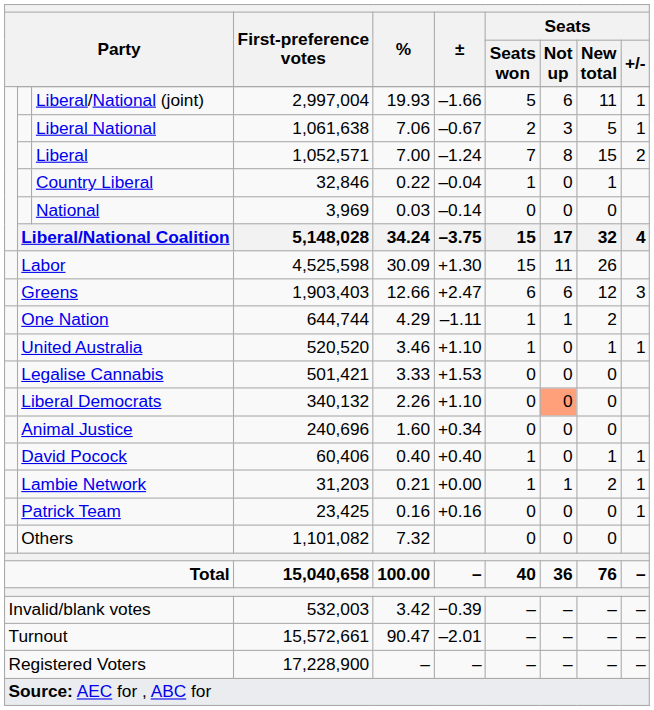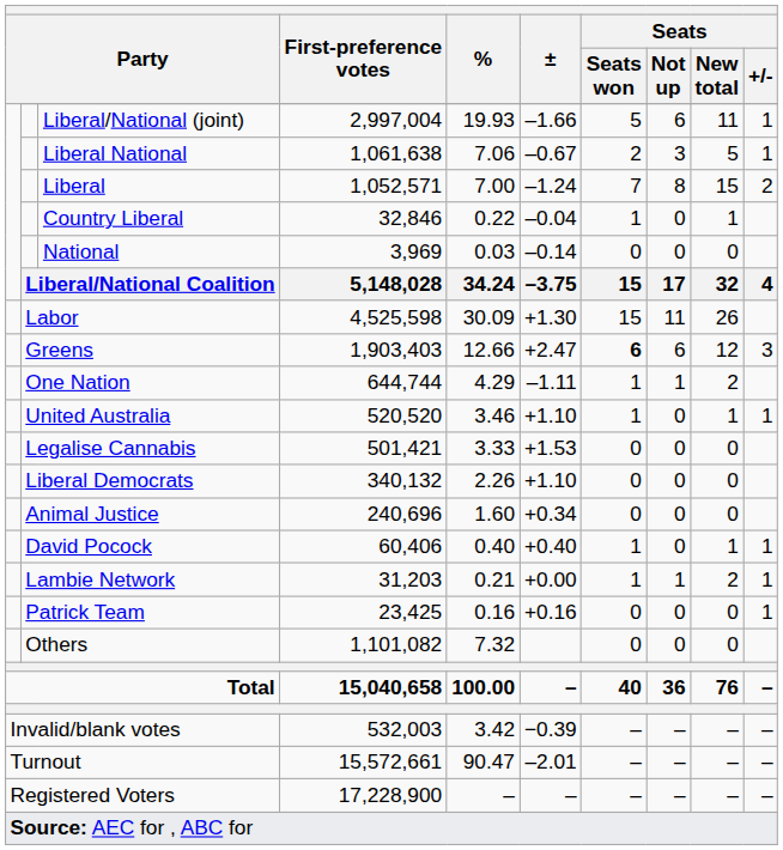 <table class="wikitable sortable mw-datatable" style="text-align:right; margin-bottom:0">
 <tr>
 <th colspan="10"></th>
 </tr>
 <tr>
 <th colspan="3" rowspan="2">Party</th>
 <th rowspan="2">First-preference<br>votes</th>
 <th rowspan="2">%</th>
 <th rowspan="2">±</th>
 <th colspan="4">Seats</th>
 </tr>
 <tr>
 <th>Seats<br>won</th>
 <th>Not<br>up</th>
 <th>New<br>total</th>
 <th>+/-</th>
 </tr>
 <tr>
 <td rowspan="7"> </td>
 </tr>
 <tr>
 <td> </td>
 <td align="left"><a href='#'>Liberal</a>/<a href='#'>National</a> (joint)</td>
 <td>2,997,004</td>
 <td>19.93</td>
 <td>–1.66</td>
 <td>5</td>
 <td>6</td>
 <td>11</td>
 <td> 1</td>
 </tr>
 <tr>
 <td> </td>
 <td align="left"><a href='#'>Liberal National</a> </td>
 <td>1,061,638</td>
 <td>7.06</td>
 <td>–0.67</td>
 <td>2</td>
 <td>3</td>
 <td>5</td>
 <td> 1</td>
 </tr>
 <tr>
 <td> </td>
 <td align="left"><a href='#'>Liberal</a></td>
 <td>1,052,571</td>
 <td>7.00</td>
 <td>–1.24</td>
 <td>7</td>
 <td>8</td>
 <td>15</td>
 <td> 2</td>
 </tr>
 <tr>
 <td> </td>
 <td align="left"><a href='#'>Country Liberal</a> </td>
 <td>32,846</td>
 <td>0.22</td>
 <td>–0.04</td>
 <td>1</td>
 <td>0</td>
 <td>1</td>
 <td></td>
 </tr>
 <tr>
 <td> </td>
 <td align="left"><a href='#'>National</a></td>
 <td>3,969</td>
 <td>0.03</td>
 <td>–0.14</td>
 <td>0</td>
 <td>0</td>
 <td>0</td>
 <td></td>
 </tr>
 <tr>
 <th colspan="2" style="text-align:left;"><a href='#'>Liberal/National Coalition</a></th>
 <th style="text-align:right;">5,148,028</th>
 <th style="text-align:right;">34.24</th>
 <th style="text-align:right;">–3.75</th>
 <th style="text-align:right;">15</th>
 <th style="text-align:right;">17</th>
 <th style="text-align:right;">32</th>
 <th style="text-align:right;"> 4</th>
 </tr>
 <tr>
 <td> </td>
 <td colspan="2" style="text-align:left;"><a href='#'>Labor</a></td>
 <td>4,525,598</td>
 <td>30.09</td>
 <td>+1.30</td>
 <td>15</td>
 <td>11</td>
 <td>26</td>
 <td></td>
 </tr>
 <tr>
 <td> </td>
 <td colspan="2" style="text-align:left;"><a href='#'>Greens</a></td>
 <td>1,903,403</td>
 <td>12.66</td>
 <td>+2.47</td>
-<td>6</td>
+<td><strong>6</strong></td>
 <td>6</td>
 <td>12</td>
 <td> 3</td>
 </tr>
 <tr>
 <td> </td>
 <td colspan="2" style="text-align:left;"><a href='#'>One Nation</a></td>
 <td>644,744</td>
 <td>4.29</td>
 <td>–1.11</td>
 <td>1</td>
 <td>1</td>
 <td>2</td>
 <td></td>
 </tr>
 <tr>
 <td> </td>
 <td colspan="2" style="text-align:left;"><a href='#'>United Australia</a></td>
 <td>520,520</td>
 <td>3.46</td>
 <td>+1.10</td>
 <td>1</td>
 <td>0</td>
 <td>1</td>
 <td> 1</td>
 </tr>
 <tr>
 <td> </td>
 <td colspan="2" style="text-align:left;"><a href='#'>Legalise Cannabis</a></td>
 <td>501,421</td>
 <td>3.33</td>
 <td>+1.53</td>
 <td>0</td>
 <td>0</td>
 <td>0</td>
 <td></td>
 </tr>
 <tr>
 <td> </td>
 <td colspan="2" style="text-align:left;"><a href='#'>Liberal Democrats</a></td>
 <td>340,132</td>
 <td>2.26</td>
 <td>+1.10</td>
 <td>0</td>
-<td style="background: lightsalmon;">0</td>
+<td>0</td>
 <td>0</td>
 <td><br></td>
 </tr>
 <tr>
 <td> </td>
 <td colspan="2" style="text-align:left;"><a href='#'>Animal Justice</a></td>
 <td>240,696</td>
 <td>1.60</td>
 <td>+0.34</td>
 <td>0</td>
 <td>0</td>
 <td>0</td>
 <td></td>
 </tr>
 <tr>
 <td> </td>
 <td colspan="2" style="text-align:left;"><a href='#'>David Pocock</a></td>
 <td>60,406</td>
 <td>0.40</td>
 <td>+0.40</td>
 <td>1</td>
 <td>0</td>
 <td>1</td>
 <td> 1<br></td>
 </tr>
 <tr>
 <td> </td>
 <td colspan="2" style="text-align:left;"><a href='#'>Lambie Network</a></td>
 <td>31,203</td>
 <td>0.21</td>
 <td>+0.00</td>
 <td>1</td>
 <td>1</td>
 <td>2</td>
 <td> 1<br></td>
 </tr>
 <tr>
 <td> </td>
 <td colspan="2" style="text-align:left;"><a href='#'>Patrick Team</a></td>
 <td>23,425</td>
 <td>0.16</td>
 <td>+0.16</td>
 <td>0</td>
 <td>0</td>
 <td>0</td>
 <td> 1<br></td>
 </tr>
 <tr>
 <td> </td>
 <td colspan="2" style="text-align:left;">Others</td>
 <td>1,101,082</td>
 <td>7.32</td>
 <td></td>
 <td>0</td>
 <td>0</td>
 <td>0</td>
 <td></td>
 </tr>
 <tr>
 <th colspan=10></th>
 </tr>
 <tr>
 <td colspan="3"><strong>Total</strong></td>
 <td><strong>15,040,658</strong></td>
 <td><strong>100.00</strong></td>
 <td><strong>–</strong></td>
 <td><strong>40</strong></td>
 <td><strong>36</strong></td>
 <td><strong>76</strong></td>
 <td><strong>–</strong></td>
 </tr>
 <tr>
 <th colspan=10></th>
 </tr>
 <tr>
 <td colspan="3" align=left>Invalid/blank votes</td>
 <td>532,003</td>
 <td>3.42</td>
 <td>−0.39</td>
 <td>–</td>
 <td>–</td>
 <td>–</td>
 <td>–</td>
 </tr>
 <tr>
 <td colspan="3" align=left>Turnout</td>
 <td>15,572,661</td>
 <td>90.47</td>
 <td>–2.01</td>
 <td>–</td>
 <td>–</td>
 <td>–</td>
 <td>–</td>
 </tr>
 <tr>
 <td colspan="3" align=left>Registered Voters</td>
 <td>17,228,900</td>
 <td>–</td>
 <td>–</td>
 <td>–</td>
 <td>–</td>
 <td>–</td>
 <td>–</td>
 </tr>
 <tr>
 <td colspan="10" style="text-align:left; background-color:#eaecf0"><strong>Source:</strong> <a href='#'>AEC</a> for , <a href='#'>ABC</a> for </td>
 </tr>
 </table>
